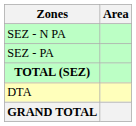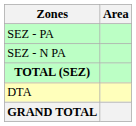 <table class="wikitable">
 <tr>
 <th>Zones</th>
 <th>Area</th>
 </tr>
 <tr>
-<td style="background:#BCFFC5;">SEZ - N PA</td>
+<td style="background:#BCFFC5;">SEZ - PA</td>
 <td style="background:#BCFFC5;"></td>
 </tr>
 <tr>
-<td style="background:#BCFFC5;">SEZ - PA</td>
+<td style="background:#BCFFC5;">SEZ - N PA</td>
 <td style="background:#BCFFC5;"></td>
 </tr>
 <tr>
 <th style="background:#BCFFC5;">TOTAL (SEZ)</th>
 <th style="background:#BCFFC5;"></th>
 </tr>
 <tr>
 <td style="background:#FFFFBB">DTA</td>
 <td style="background:#FFFFBB"></td>
 </tr>
 <tr>
 <th style="background:#FFFBB">GRAND TOTAL</th>
 <th style="background:#FFFBB"></th>
 </tr>
 </table>
